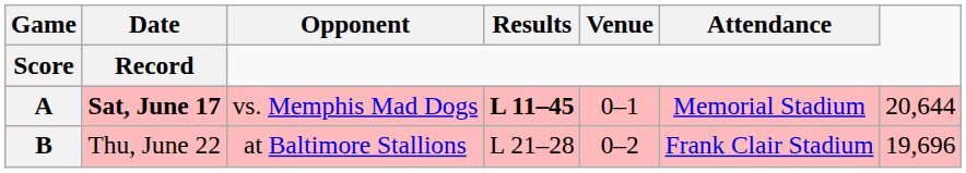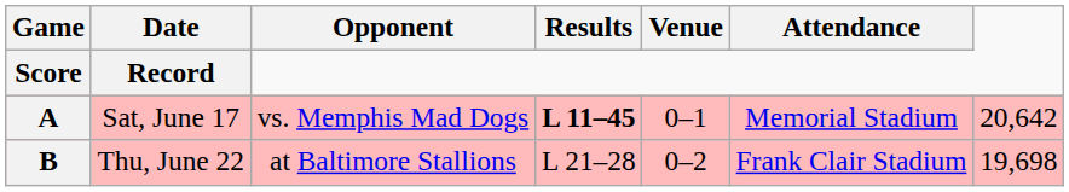 <table class="wikitable" style="text-align:center">
 <tr>
 <th>Game</th>
 <th>Date</th>
 <th>Opponent</th>
 <th>Results</th>
 <th>Venue</th>
 <th>Attendance</th>
 </tr>
 <tr>
 <th>Score</th>
 <th>Record</th>
 </tr>
 <tr style="background:#ffbbbb">
 <th>A</th>
-<td><strong>Sat, June 17</strong></td>
+<td>Sat, June 17</td>
 <td>vs. <a href='#'>Memphis Mad Dogs</a></td>
 <td><strong>L 11–45</strong></td>
 <td>0–1</td>
 <td><a href='#'>Memorial Stadium</a></td>
-<td>20,644</td>
+<td>20,642</td>
 </tr>
 <tr style="background:#ffbbbb">
 <th>B</th>
 <td>Thu, June 22</td>
 <td>at <a href='#'>Baltimore Stallions</a></td>
 <td>L 21–28</td>
 <td>0–2</td>
 <td><a href='#'>Frank Clair Stadium</a></td>
-<td>19,696</td>
+<td>19,698</td>
 </tr>
 </table>
